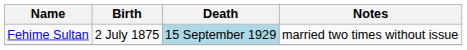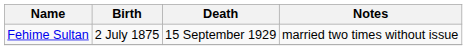 <table class="wikitable">
 <tr>
 <th>Name</th>
 <th>Birth</th>
 <th>Death</th>
 <th style="width:40%;">Notes</th>
 </tr>
 <tr>
 <td><a href='#'>Fehime Sultan</a></td>
 <td>2 July 1875</td>
-<td style="background: lightblue;">15 September 1929</td>
+<td>15 September 1929</td>
 <td>married two times without issue</td>
 </tr>
 <tr>
 </tr>
 </table>
